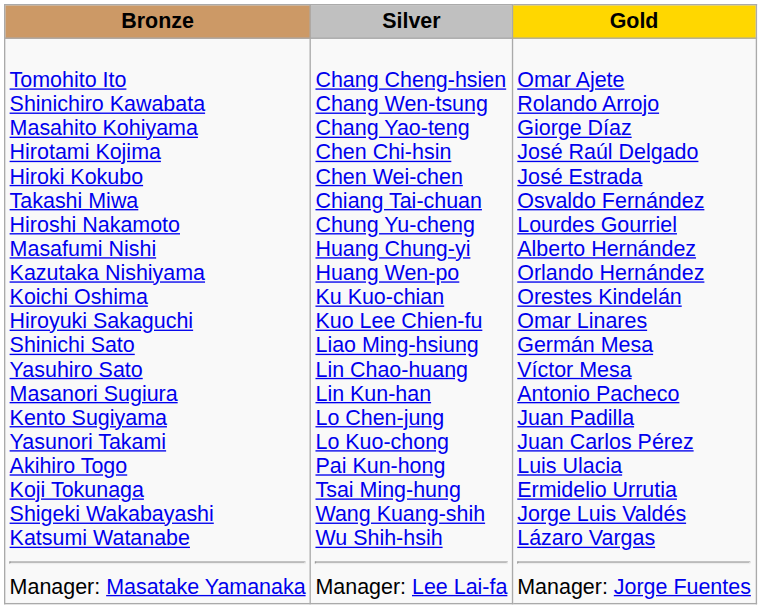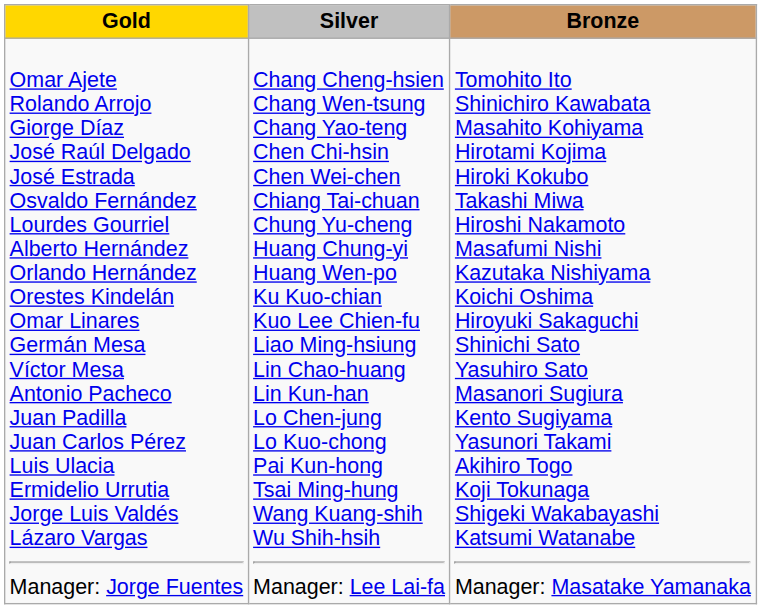 <table class="wikitable">
 <tr style="text-align:center;">
+<td style="background:gold;"><strong>Gold</strong></td>
+<td style="background:silver;"><strong>Silver</strong></td>
 <td style="background:#c96;"><strong>Bronze</strong></td>
-<td style="background:silver;"><strong>Silver</strong></td>
-<td style="background:gold;"><strong>Gold</strong></td>
 </tr>
 <tr valign="top">
+<td><br><a href='#'>Omar Ajete</a><br><a href='#'>Rolando Arrojo</a><br><a href='#'>Giorge Díaz</a><br><a href='#'>José Raúl Delgado</a><br><a href='#'>José Estrada</a><br><a href='#'>Osvaldo Fernández</a><br><a href='#'>Lourdes Gourriel</a><br><a href='#'>Alberto Hernández</a><br><a href='#'>Orlando Hernández</a><br><a href='#'>Orestes Kindelán</a><br><a href='#'>Omar Linares</a><br><a href='#'>Germán Mesa</a><br><a href='#'>Víctor Mesa</a><br><a href='#'>Antonio Pacheco</a><br><a href='#'>Juan Padilla</a><br><a href='#'>Juan Carlos Pérez</a><br><a href='#'>Luis Ulacia</a><br><a href='#'>Ermidelio Urrutia</a><br><a href='#'>Jorge Luis Valdés</a><br><a href='#'>Lázaro Vargas</a><hr>Manager: <a href='#'>Jorge Fuentes</a></td>
+<td><br><a href='#'>Chang Cheng-hsien</a><br><a href='#'>Chang Wen-tsung</a><br><a href='#'>Chang Yao-teng</a><br><a href='#'>Chen Chi-hsin</a><br><a href='#'>Chen Wei-chen</a><br><a href='#'>Chiang Tai-chuan</a><br><a href='#'>Chung Yu-cheng</a><br><a href='#'>Huang Chung-yi</a><br><a href='#'>Huang Wen-po</a><br><a href='#'>Ku Kuo-chian</a><br><a href='#'>Kuo Lee Chien-fu</a><br><a href='#'>Liao Ming-hsiung</a><br><a href='#'>Lin Chao-huang</a><br><a href='#'>Lin Kun-han</a><br><a href='#'>Lo Chen-jung</a><br><a href='#'>Lo Kuo-chong</a><br><a href='#'>Pai Kun-hong</a><br><a href='#'>Tsai Ming-hung</a><br><a href='#'>Wang Kuang-shih</a><br><a href='#'>Wu Shih-hsih</a><hr>Manager: <a href='#'>Lee Lai-fa</a></td>
 <td><br><a href='#'>Tomohito Ito</a><br><a href='#'>Shinichiro Kawabata</a><br><a href='#'>Masahito Kohiyama</a><br><a href='#'>Hirotami Kojima</a><br><a href='#'>Hiroki Kokubo</a><br><a href='#'>Takashi Miwa</a><br><a href='#'>Hiroshi Nakamoto</a><br><a href='#'>Masafumi Nishi</a><br><a href='#'>Kazutaka Nishiyama</a><br><a href='#'>Koichi Oshima</a><br><a href='#'>Hiroyuki Sakaguchi</a><br><a href='#'>Shinichi Sato</a><br><a href='#'>Yasuhiro Sato</a><br><a href='#'>Masanori Sugiura</a><br><a href='#'>Kento Sugiyama</a><br><a href='#'>Yasunori Takami</a><br><a href='#'>Akihiro Togo</a><br><a href='#'>Koji Tokunaga</a><br><a href='#'>Shigeki Wakabayashi</a><br><a href='#'>Katsumi Watanabe</a><hr>Manager: <a href='#'>Masatake Yamanaka</a></td>
-<td><br><a href='#'>Chang Cheng-hsien</a><br><a href='#'>Chang Wen-tsung</a><br><a href='#'>Chang Yao-teng</a><br><a href='#'>Chen Chi-hsin</a><br><a href='#'>Chen Wei-chen</a><br><a href='#'>Chiang Tai-chuan</a><br><a href='#'>Chung Yu-cheng</a><br><a href='#'>Huang Chung-yi</a><br><a href='#'>Huang Wen-po</a><br><a href='#'>Ku Kuo-chian</a><br><a href='#'>Kuo Lee Chien-fu</a><br><a href='#'>Liao Ming-hsiung</a><br><a href='#'>Lin Chao-huang</a><br><a href='#'>Lin Kun-han</a><br><a href='#'>Lo Chen-jung</a><br><a href='#'>Lo Kuo-chong</a><br><a href='#'>Pai Kun-hong</a><br><a href='#'>Tsai Ming-hung</a><br><a href='#'>Wang Kuang-shih</a><br><a href='#'>Wu Shih-hsih</a><hr>Manager: <a href='#'>Lee Lai-fa</a></td>
-<td><br><a href='#'>Omar Ajete</a><br><a href='#'>Rolando Arrojo</a><br><a href='#'>Giorge Díaz</a><br><a href='#'>José Raúl Delgado</a><br><a href='#'>José Estrada</a><br><a href='#'>Osvaldo Fernández</a><br><a href='#'>Lourdes Gourriel</a><br><a href='#'>Alberto Hernández</a><br><a href='#'>Orlando Hernández</a><br><a href='#'>Orestes Kindelán</a><br><a href='#'>Omar Linares</a><br><a href='#'>Germán Mesa</a><br><a href='#'>Víctor Mesa</a><br><a href='#'>Antonio Pacheco</a><br><a href='#'>Juan Padilla</a><br><a href='#'>Juan Carlos Pérez</a><br><a href='#'>Luis Ulacia</a><br><a href='#'>Ermidelio Urrutia</a><br><a href='#'>Jorge Luis Valdés</a><br><a href='#'>Lázaro Vargas</a><hr>Manager: <a href='#'>Jorge Fuentes</a></td>
 </tr>
 </table>
